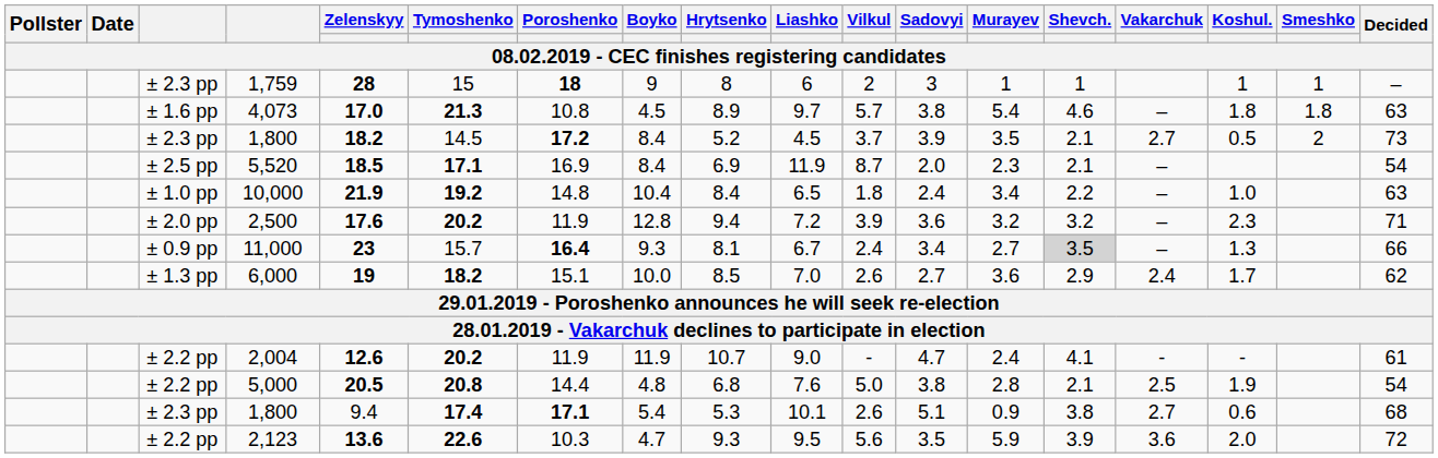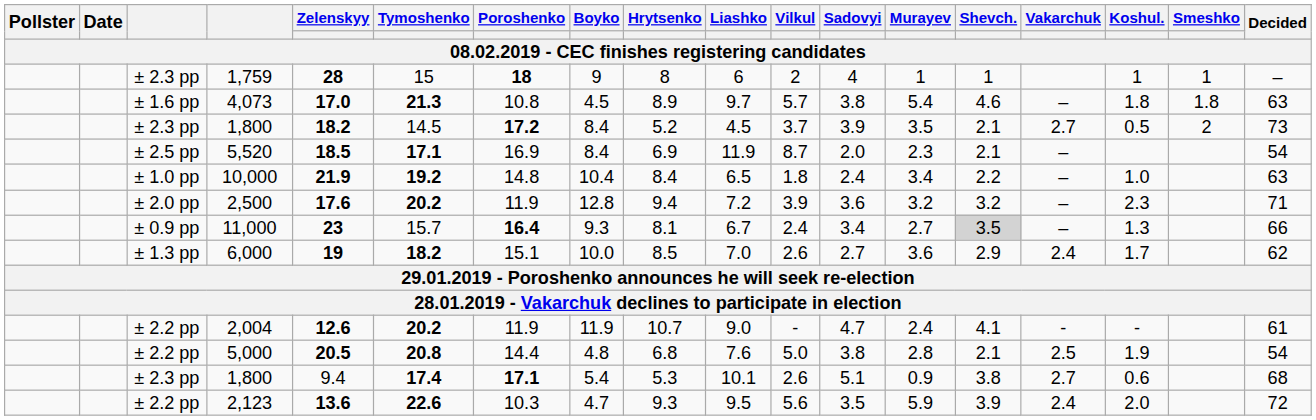 <table class="wikitable" style="text-align:center;font-size:95%;line-height:14px;">
 <tr>
 <th rowspan="2">Pollster</th>
 <th rowspan="2">Date</th>
 <th rowspan="2" style="width:60px;" class="unsortable"></th>
 <th rowspan="2" style="width:65px;" class="unsortable"></th>
 <th><small><a href='#'>Zelenskyy</a></small><br></th>
 <th><small><a href='#'>Tymoshenko</a></small><br></th>
 <th> <small><a href='#'>Poroshenko</a></small><br></th>
 <th> <small><a href='#'>Boyko</a></small><br></th>
 <th><small><a href='#'>Hrytsenko</a></small><br></th>
 <th><small><a href='#'>Liashko</a></small><br></th>
 <th><small><a href='#'>Vilkul</a></small><br></th>
 <th><small><a href='#'>Sadovyi</a></small><br></th>
 <th><small><a href='#'>Murayev</a></small><br></th>
 <th><small><a href='#'>Shevch.</a></small><br></th>
 <th><small><a href='#'>Vakarchuk</a></small><br></th>
 <th><small><a href='#'>Koshul.</a></small><br></th>
 <th><small><a href='#'>Smeshko</a></small><br></th>
 <th rowspan="2"><small>Decided</small></th>
 </tr>
 <tr>
 <th style="background:"></th>
 <th style="background:"></th>
 <th style="background:"></th>
 <th style="background:"></th>
 <th style="background:"></th>
 <th style="background:"></th>
 <th style="background:"></th>
 <th style="background:"></th>
 <th style="background:"></th>
 <th style="background:"></th>
 <th style="background:"></th>
 <th style="background:"></th>
 <th style="background:"></th>
 </tr>
 <tr>
 <th colspan="18"><strong>08.02.2019 - CEC finishes registering candidates</strong></th>
 </tr>
 <tr>
 <td></td>
 <td></td>
 <td>± 2.3 pp</td>
 <td>1,759</td>
 <td style="background-color:#"><strong>28</strong></td>
 <td>15</td>
 <td style="background-color:#"><strong>18</strong></td>
 <td>9</td>
 <td>8</td>
 <td>6</td>
 <td>2</td>
-<td>3</td>
+<td>4</td>
 <td>1</td>
 <td>1</td>
 <td></td>
 <td>1</td>
 <td>1</td>
 <td>–</td>
 </tr>
 <tr>
 <td></td>
 <td></td>
 <td>± 1.6 pp</td>
 <td>4,073</td>
 <td style="background-color:#"><strong>17.0</strong></td>
 <td style="background-color:#"><strong>21.3</strong></td>
 <td>10.8</td>
 <td>4.5</td>
 <td>8.9</td>
 <td>9.7</td>
 <td>5.7</td>
 <td>3.8</td>
 <td>5.4</td>
 <td>4.6</td>
 <td>–</td>
 <td>1.8</td>
 <td>1.8</td>
 <td>63</td>
 </tr>
 <tr>
 <td> </td>
 <td></td>
 <td>± 2.3 pp</td>
 <td>1,800</td>
 <td style="background-color:#"><strong>18.2</strong></td>
 <td>14.5</td>
 <td style="background-color:#"><strong>17.2</strong></td>
 <td>8.4</td>
 <td>5.2</td>
 <td>4.5</td>
 <td>3.7</td>
 <td>3.9</td>
 <td>3.5</td>
 <td>2.1</td>
 <td>2.7</td>
 <td>0.5</td>
 <td>2</td>
 <td>73</td>
 </tr>
 <tr>
 <td> </td>
 <td></td>
 <td>± 2.5 pp</td>
 <td>5,520</td>
 <td style="background-color:#"><strong>18.5</strong></td>
 <td style="background-color:#"><strong>17.1</strong></td>
 <td>16.9</td>
 <td>8.4</td>
 <td>6.9</td>
 <td>11.9</td>
 <td>8.7</td>
 <td>2.0</td>
 <td>2.3</td>
 <td>2.1</td>
 <td>–</td>
 <td></td>
 <td></td>
 <td>54</td>
 </tr>
 <tr>
 <td></td>
 <td></td>
 <td>± 1.0 pp</td>
 <td>10,000</td>
 <td style="background-color:#"><strong>21.9</strong></td>
 <td style="background-color:#"><strong>19.2</strong></td>
 <td>14.8</td>
 <td>10.4</td>
 <td>8.4</td>
 <td>6.5</td>
 <td>1.8</td>
 <td>2.4</td>
 <td>3.4</td>
 <td>2.2</td>
 <td>–</td>
 <td>1.0</td>
 <td></td>
 <td>63</td>
 </tr>
 <tr>
 <td></td>
 <td></td>
 <td>± 2.0 pp</td>
 <td>2,500</td>
 <td style="background-color:#"><strong>17.6</strong></td>
 <td style="background-color:#"><strong>20.2</strong></td>
 <td>11.9</td>
 <td>12.8</td>
 <td>9.4</td>
 <td>7.2</td>
 <td>3.9</td>
 <td>3.6</td>
 <td>3.2</td>
 <td>3.2</td>
 <td>–</td>
 <td>2.3</td>
 <td></td>
 <td>71</td>
 </tr>
 <tr>
 <td></td>
 <td></td>
 <td>± 0.9 pp</td>
 <td>11,000</td>
 <td style="background-color:#"><strong>23</strong></td>
 <td>15.7</td>
 <td style="background-color:#"><strong>16.4</strong></td>
 <td>9.3</td>
 <td>8.1</td>
 <td>6.7</td>
 <td>2.4</td>
 <td>3.4</td>
 <td>2.7</td>
 <td style="background: lightgrey;">3.5</td>
 <td>–</td>
 <td>1.3</td>
 <td></td>
 <td>66</td>
 </tr>
 <tr>
 <td></td>
 <td></td>
 <td>± 1.3 pp</td>
 <td>6,000</td>
 <td style="background-color:#"><strong>19</strong></td>
 <td style="background-color:#"><strong>18.2</strong></td>
 <td>15.1</td>
 <td>10.0</td>
 <td>8.5</td>
 <td>7.0</td>
 <td>2.6</td>
 <td>2.7</td>
 <td>3.6</td>
 <td>2.9</td>
 <td>2.4</td>
 <td>1.7</td>
 <td></td>
 <td>62</td>
 </tr>
 <tr>
 <th colspan="18"><strong>29.01.2019 - Poroshenko announces he will seek re-election</strong></th>
 </tr>
 <tr>
 <th colspan="18" style="text-align: center;"><strong>28.01.2019 - <a href='#'>Vakarchuk</a> declines to participate in election</strong></th>
 </tr>
 <tr>
 <td></td>
 <td></td>
 <td>± 2.2 pp</td>
 <td>2,004</td>
 <td style="background-color:#"><strong>12.6</strong></td>
 <td style="background-color:#"><strong>20.2</strong></td>
 <td>11.9</td>
 <td>11.9</td>
 <td>10.7</td>
 <td>9.0</td>
 <td>-</td>
 <td>4.7</td>
 <td>2.4</td>
 <td>4.1</td>
 <td>-</td>
 <td>-</td>
 <td></td>
 <td>61</td>
 </tr>
 <tr>
 <td></td>
 <td></td>
 <td>± 2.2 pp</td>
 <td>5,000</td>
 <td style="background-color:#"><strong>20.5</strong></td>
 <td style="background-color:#"><strong>20.8</strong></td>
 <td>14.4</td>
 <td>4.8</td>
 <td>6.8</td>
 <td>7.6</td>
 <td>5.0</td>
 <td>3.8</td>
 <td>2.8</td>
 <td>2.1</td>
 <td>2.5</td>
 <td>1.9</td>
 <td></td>
 <td>54</td>
 </tr>
 <tr>
 <td></td>
 <td></td>
 <td>± 2.3 pp</td>
 <td>1,800</td>
 <td>9.4</td>
 <td style="background-color:#"><strong>17.4</strong></td>
 <td style="background-color:#"><strong>17.1</strong></td>
 <td>5.4</td>
 <td>5.3</td>
 <td>10.1</td>
 <td>2.6</td>
 <td>5.1</td>
 <td>0.9</td>
 <td>3.8</td>
 <td>2.7</td>
 <td>0.6</td>
 <td></td>
 <td>68</td>
 </tr>
 <tr>
 <td></td>
 <td></td>
 <td>± 2.2 pp</td>
 <td>2,123</td>
 <td style="background-color:#"><strong>13.6</strong></td>
 <td style="background-color:#"><strong>22.6</strong></td>
 <td>10.3</td>
 <td>4.7</td>
 <td>9.3</td>
 <td>9.5</td>
 <td>5.6</td>
 <td>3.5</td>
 <td>5.9</td>
 <td>3.9</td>
-<td>3.6</td>
+<td>2.4</td>
 <td>2.0</td>
 <td></td>
 <td>72</td>
 </tr>
 </table>
